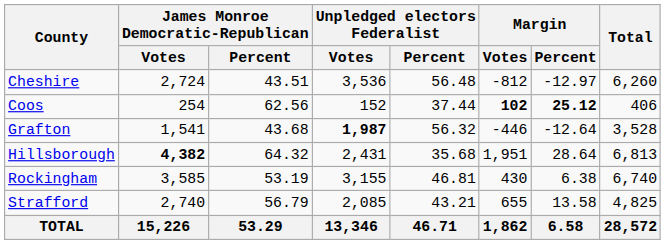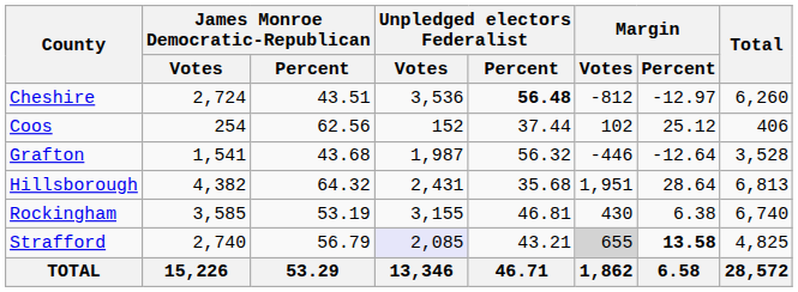 <table class="wikitable sortable">
 <tr>
 <th rowspan=2>County</th>
 <th colspan=2>James Monroe<br>Democratic-Republican</th>
 <th colspan=2>Unpledged electors<br>Federalist</th>
 <th colspan=2>Margin</th>
 <th rowspan=2>Total</th>
 </tr>
 <tr>
 <th>Votes</th>
 <th>Percent</th>
 <th>Votes</th>
 <th>Percent</th>
 <th>Votes</th>
 <th>Percent</th>
 </tr>
 <tr>
 <td><a href='#'>Cheshire</a></td>
 <td align=right>2,724</td>
 <td align=right>43.51</td>
 <td align=right>3,536</td>
-<td align=right>56.48</td>
+<td align=right><strong>56.48</strong></td>
 <td align=right>-812</td>
 <td align=right>-12.97</td>
 <td align=right>6,260</td>
 </tr>
 <tr>
 <td><a href='#'>Coos</a></td>
 <td align=right>254</td>
 <td align=right>62.56</td>
 <td align=right>152</td>
 <td align=right>37.44</td>
-<td align=right><strong>102</strong></td>
-<td align=right><strong>25.12</strong></td>
+<td align=right>102</td>
+<td align=right>25.12</td>
 <td align=right>406</td>
 </tr>
 <tr>
 <td><a href='#'>Grafton</a></td>
 <td align=right>1,541</td>
 <td align=right>43.68</td>
-<td align=right><strong>1,987</strong></td>
+<td align=right>1,987</td>
 <td align=right>56.32</td>
 <td align=right>-446</td>
 <td align=right>-12.64</td>
 <td align=right>3,528</td>
 </tr>
 <tr>
 <td><a href='#'>Hillsborough</a></td>
-<td align=right><strong>4,382</strong></td>
+<td align=right>4,382</td>
 <td align=right>64.32</td>
 <td align=right>2,431</td>
 <td align=right>35.68</td>
 <td align=right>1,951</td>
 <td align=right>28.64</td>
 <td align=right>6,813</td>
 </tr>
 <tr>
 <td><a href='#'>Rockingham</a></td>
 <td align=right>3,585</td>
 <td align=right>53.19</td>
 <td align=right>3,155</td>
 <td align=right>46.81</td>
 <td align=right>430</td>
 <td align=right>6.38</td>
 <td align=right>6,740</td>
 </tr>
 <tr>
 <td><a href='#'>Strafford</a></td>
 <td align=right>2,740</td>
 <td align=right>56.79</td>
-<td align=right>2,085</td>
+<td align=right style="background: lavender;">2,085</td>
 <td align=right>43.21</td>
-<td align=right>655</td>
-<td align=right>13.58</td>
+<td align=right style="background: lightgrey;">655</td>
+<td align=right><strong>13.58</strong></td>
 <td align=right>4,825</td>
 </tr>
 <tr>
 <th>TOTAL</th>
 <th>15,226</th>
 <th>53.29</th>
 <th>13,346</th>
 <th>46.71</th>
 <th>1,862</th>
 <th>6.58</th>
 <th>28,572</th>
 </tr>
 </table>
